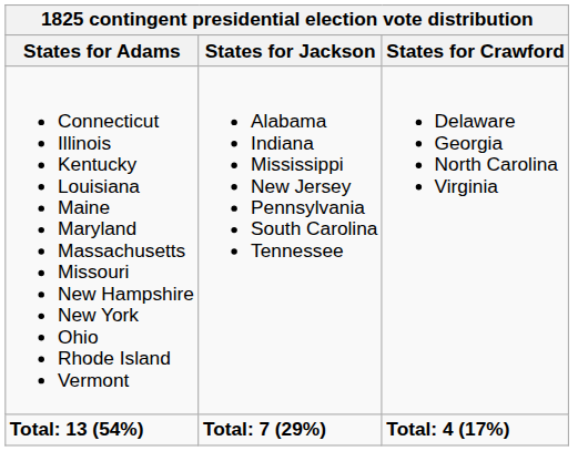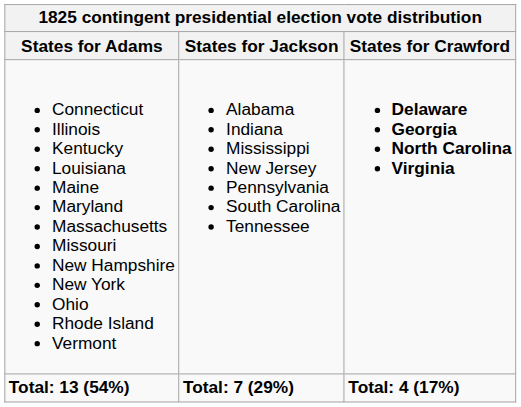 <table class="wikitable" style="margin:0 0 1em 1em;">
 <tr>
 <th colspan="3">1825 contingent presidential election vote distribution</th>
 </tr>
 <tr>
 <th>States for Adams</th>
 <th>States for Jackson</th>
 <th>States for Crawford</th>
 </tr>
 <tr style="vertical-align:top;">
 <td><br><ul><li>Connecticut</li><li>Illinois</li><li>Kentucky</li><li>Louisiana</li><li>Maine</li><li>Maryland</li><li>Massachusetts</li><li>Missouri</li><li>New Hampshire</li><li>New York</li><li>Ohio</li><li>Rhode Island</li><li>Vermont</li></ul></td>
 <td><br><ul><li>Alabama</li><li>Indiana</li><li>Mississippi</li><li>New Jersey</li><li>Pennsylvania</li><li>South Carolina</li><li>Tennessee</li></ul></td>
-<td><br><ul><li>Delaware</li><li>Georgia</li><li>North Carolina</li><li>Virginia</li></ul></td>
+<td><strong><br><ul><li>Delaware</li><li>Georgia</li><li>North Carolina</li><li>Virginia</li></ul></strong></td>
 </tr>
 <tr>
 <td><strong>Total: 13 (54%)</strong></td>
 <td><strong>Total: 7 (29%)</strong></td>
 <td><strong>Total: 4 (17%)</strong></td>
 </tr>
 </table>
